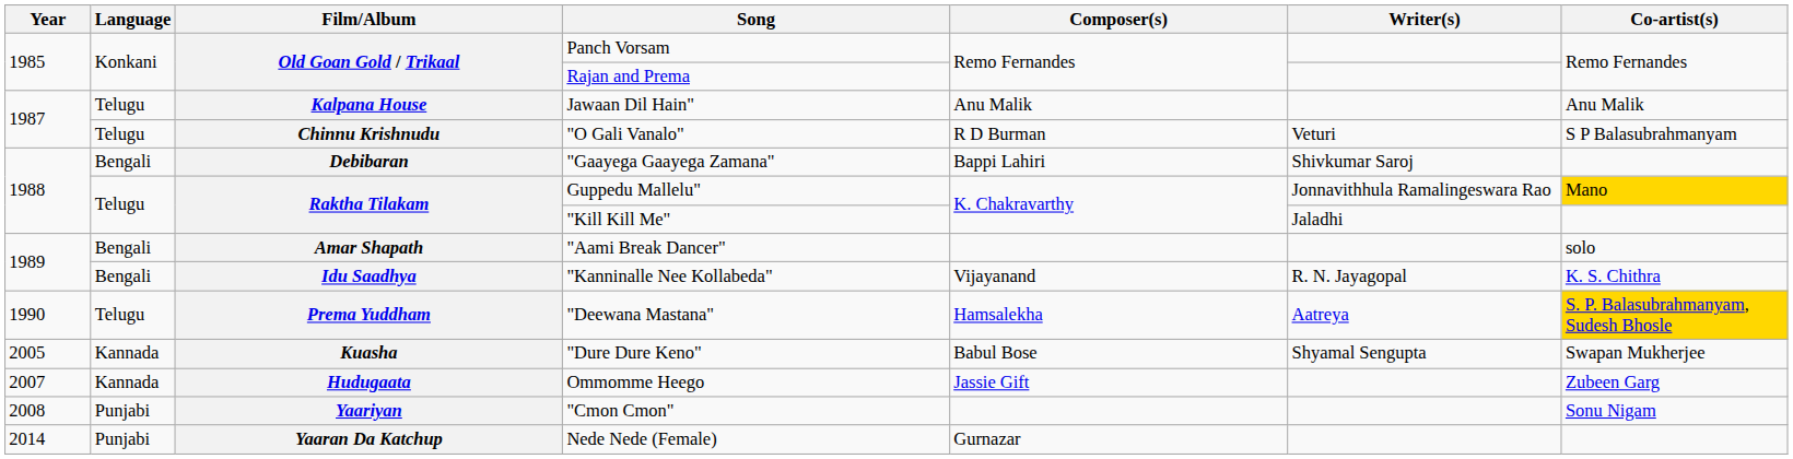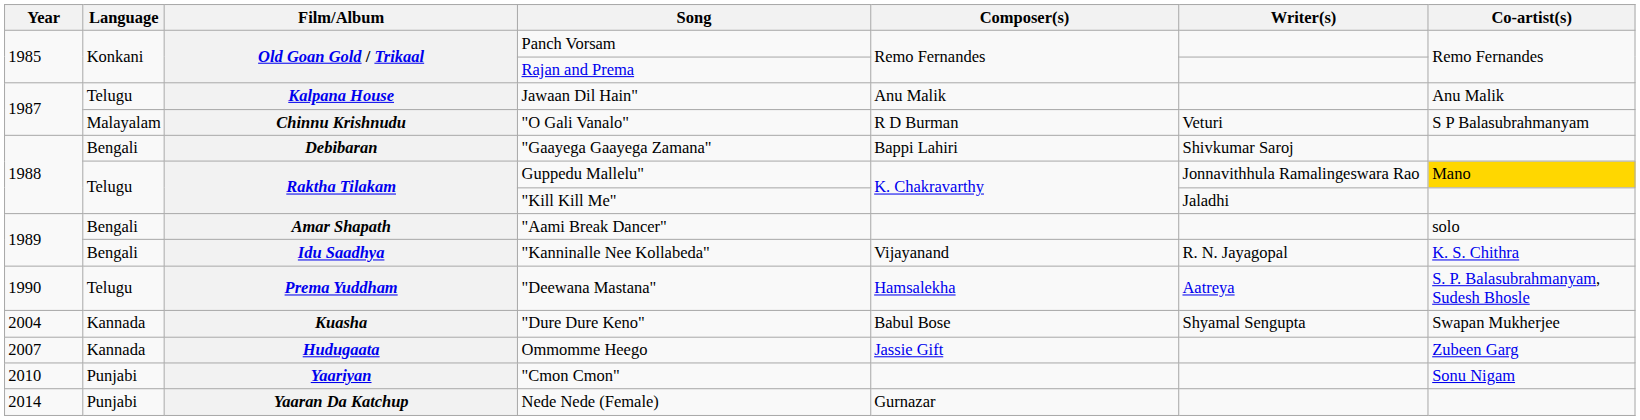 <table class="wikitable plainrowheaders" width="100%" textcolor:#000;">
 <tr style="background:#b0e0e66;">
 <th scope="col" width=5%><strong>Year</strong></th>
 <th scope="col"><strong>Language</strong></th>
 <th scope="col" width=23%><strong>Film/Album</strong></th>
 <th scope="col" width=23%><strong>Song</strong></th>
 <th scope="col" width=20%><strong>Composer(s)</strong></th>
 <th scope="col" width=16%><strong>Writer(s)</strong></th>
 <th scope="col" width=18%><strong>Co-artist(s)</strong></th>
 </tr>
 <tr>
 <td rowspan="2">1985</td>
 <td rowspan="2">Konkani</td>
 <th scope="row" rowspan="2"><em><a href='#'>Old Goan Gold</a></em> / <em><a href='#'>Trikaal</a></em></th>
 <td>Panch Vorsam</td>
 <td rowspan="2">Remo Fernandes</td>
 <td></td>
 <td rowspan="2">Remo Fernandes</td>
 </tr>
 <tr>
 <td><a href='#'>Rajan and Prema</a></td>
 <td></td>
 </tr>
 <tr>
 <td rowspan=2>1987</td>
 <td>Telugu</td>
 <th scope="row"><em><a href='#'>Kalpana House</a></em></th>
 <td>Jawaan Dil Hain"</td>
 <td>Anu Malik</td>
 <td></td>
 <td>Anu Malik</td>
 </tr>
 <tr>
-<td>Telugu</td>
+<td>Malayalam</td>
 <th><em>Chinnu Krishnudu</em></th>
 <td>"O Gali Vanalo"</td>
 <td>R D Burman</td>
 <td>Veturi</td>
 <td>S P Balasubrahmanyam</td>
 </tr>
 <tr>
 <td rowspan=3>1988</td>
 <td>Bengali</td>
 <th><em>Debibaran</em></th>
 <td>"Gaayega Gaayega Zamana"</td>
 <td>Bappi Lahiri</td>
 <td>Shivkumar Saroj</td>
 </tr>
 <tr>
 <td Rowspan=2>Telugu</td>
 <th rowspan=2 scope=row><em><a href='#'>Raktha Tilakam</a></em></th>
 <td>Guppedu Mallelu"</td>
 <td rowspan="2"><a href='#'>K. Chakravarthy</a></td>
 <td>Jonnavithhula Ramalingeswara Rao</td>
 <td style="background: gold;">Mano</td>
 </tr>
 <tr>
 <td>"Kill Kill Me"</td>
 <td>Jaladhi</td>
 <td></td>
 </tr>
 <tr>
 <td rowspan=2>1989</td>
 <td>Bengali</td>
 <th scope="row"><em>Amar Shapath</em></th>
 <td>"Aami Break Dancer"</td>
 <td></td>
 <td></td>
 <td>solo</td>
 </tr>
 <tr>
 <td>Bengali</td>
 <th scope="row"><em><a href='#'>Idu Saadhya</a></em></th>
 <td>"Kanninalle Nee Kollabeda"</td>
 <td>Vijayanand</td>
 <td>R. N. Jayagopal</td>
 <td><a href='#'>K. S. Chithra</a></td>
 </tr>
 <tr>
 <td>1990</td>
 <td>Telugu</td>
 <th scope="row"><em><a href='#'>Prema Yuddham</a></em></th>
 <td>"Deewana Mastana"</td>
 <td><a href='#'>Hamsalekha</a></td>
 <td><a href='#'>Aatreya</a></td>
-<td style="background: gold;"><a href='#'>S. P. Balasubrahmanyam</a>, <a href='#'>Sudesh Bhosle</a></td>
+<td><a href='#'>S. P. Balasubrahmanyam</a>, <a href='#'>Sudesh Bhosle</a></td>
 </tr>
 <tr>
-<td>2005</td>
+<td>2004</td>
 <td>Kannada</td>
 <th rowspan=1><em>Kuasha</em></th>
 <td>"Dure Dure Keno"</td>
 <td rowspan=1>Babul Bose</td>
 <td Rowspan=1>Shyamal Sengupta</td>
 <td rowspan=1>Swapan Mukherjee</td>
 </tr>
 <tr>
 <td>2007</td>
 <td>Kannada</td>
 <th scope="row"><em><a href='#'>Hudugaata</a></em></th>
 <td>Ommomme Heego</td>
 <td><a href='#'>Jassie Gift</a></td>
 <td></td>
 <td><a href='#'>Zubeen Garg</a></td>
 </tr>
 <tr>
-<td>2008</td>
+<td>2010</td>
 <td>Punjabi</td>
 <th scope="row"><em><a href='#'>Yaariyan</a></em></th>
 <td>"Cmon Cmon"</td>
 <td></td>
 <td></td>
 <td><a href='#'>Sonu Nigam</a></td>
 </tr>
 <tr>
 <td>2014</td>
 <td>Punjabi</td>
 <th><em>Yaaran Da Katchup</em></th>
 <td>Nede Nede (Female)</td>
 <td>Gurnazar</td>
 <td></td>
 <td></td>
 </tr>
 </table>
